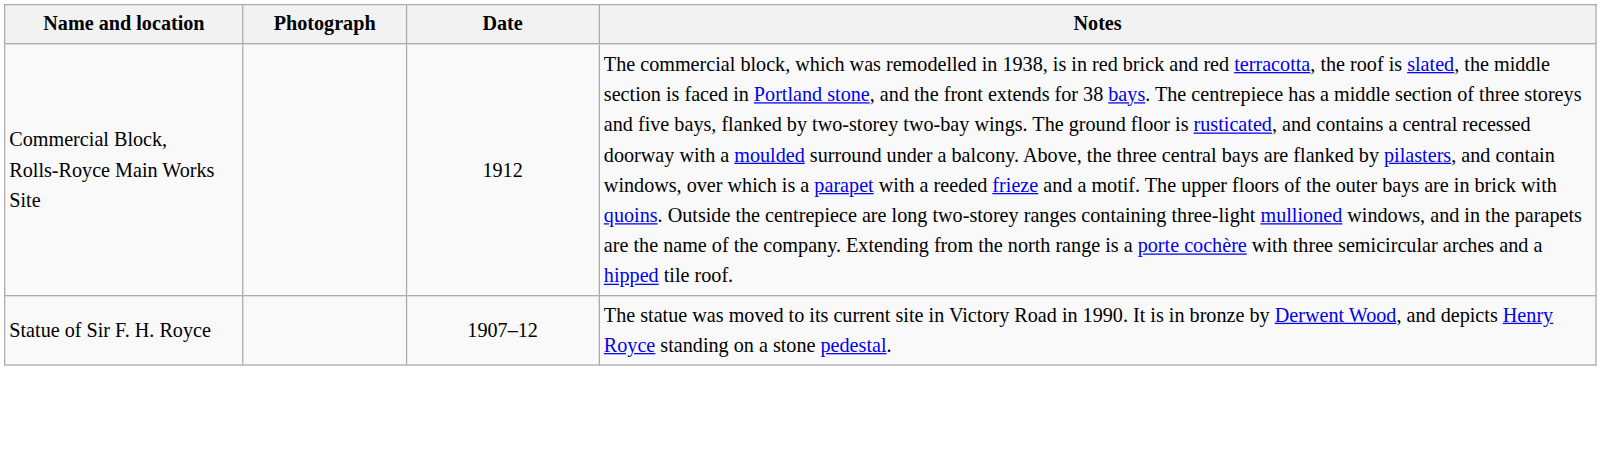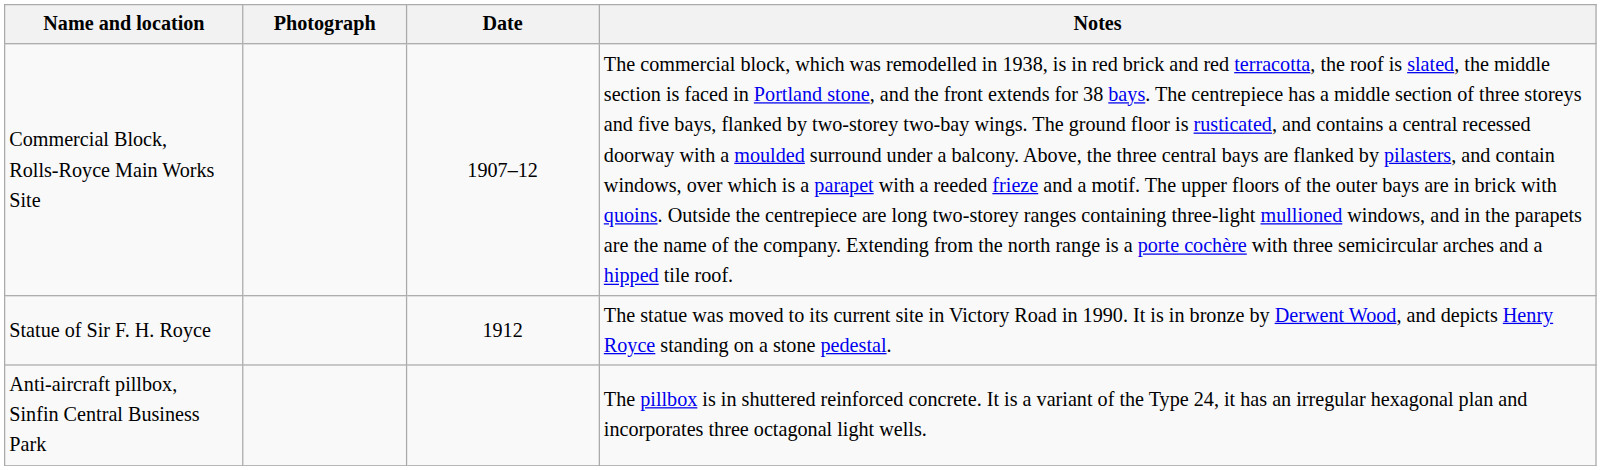 <table class="wikitable sortable plainrowheaders" style="width:100%;border:0px;text-align:left;line-height:150%;">
 <tr>
 <th scope="col"  style="width:150px">Name and location</th>
 <th scope="col"  style="width:100px" class="unsortable">Photograph</th>
 <th scope="col"  style="width:120px">Date</th>
 <th scope="col"  style="width:650px" class="unsortable">Notes</th>
 </tr>
 <tr>
 <td>Commercial Block,<br>Rolls-Royce Main Works Site<br><small></small></td>
 <td></td>
-<td align="center">1912</td>
+<td align="center">1907–12</td>
 <td>The commercial block, which was remodelled in 1938, is in red brick and red <a href='#'>terracotta</a>, the roof is <a href='#'>slated</a>, the middle section is faced in <a href='#'>Portland stone</a>, and the front extends for 38 <a href='#'>bays</a>.  The centrepiece has a middle section of three storeys and five bays, flanked by two-storey two-bay wings.  The ground floor is <a href='#'>rusticated</a>, and contains a central recessed doorway with a <a href='#'>moulded</a> surround under a balcony.  Above, the three central bays are flanked by <a href='#'>pilasters</a>, and contain windows, over which is a <a href='#'>parapet</a> with a reeded <a href='#'>frieze</a> and a motif.  The upper floors of the outer bays are in brick with <a href='#'>quoins</a>.  Outside the centrepiece are long two-storey ranges containing three-light <a href='#'>mullioned</a> windows, and in the parapets are the name of the company.  Extending from the north range is a <a href='#'>porte cochère</a> with three semicircular arches and a <a href='#'>hipped</a> tile roof.</td>
 </tr>
 <tr>
 <td>Statue of Sir F. H. Royce<br><small></small></td>
 <td></td>
-<td align="center">1907–12</td>
+<td align="center">1912</td>
 <td>The statue was moved to its current site in Victory Road in 1990.  It is in bronze by <a href='#'>Derwent Wood</a>, and depicts <a href='#'>Henry Royce</a> standing on a stone <a href='#'>pedestal</a>.</td>
+</tr>
+<tr>
+<td>Anti-aircraft pillbox,<br>Sinfin Central Business Park<br><small></small></td>
+<td></td>
+<td align="center"></td>
+<td>The <a href='#'>pillbox</a> is in shuttered reinforced concrete.  It is a variant of the Type 24, it has an irregular hexagonal plan and incorporates three octagonal light wells.</td>
 </tr>
 <tr>
 </tr>
 </table>
